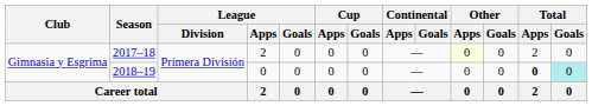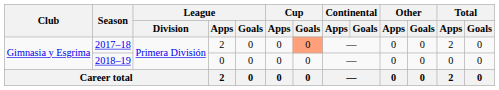 <table class="wikitable" style="text-align:center">
 <tr>
 <th rowspan="2">Club</th>
 <th rowspan="2">Season</th>
 <th colspan="3">League</th>
 <th colspan="2">Cup</th>
 <th colspan="2">Continental</th>
 <th colspan="2">Other</th>
 <th colspan="2">Total</th>
 </tr>
 <tr>
 <th>Division</th>
 <th>Apps</th>
 <th>Goals</th>
 <th>Apps</th>
 <th>Goals</th>
 <th>Apps</th>
 <th>Goals</th>
 <th>Apps</th>
 <th>Goals</th>
 <th>Apps</th>
 <th>Goals</th>
 </tr>
 <tr>
 <td rowspan="2"><a href='#'>Gimnasia y Esgrima</a></td>
 <td><a href='#'>2017–18</a></td>
 <td rowspan="2"><a href='#'>Primera División</a></td>
 <td>2</td>
 <td>0</td>
 <td>0</td>
+<td style="background: lightsalmon;">0</td>
+<td colspan="2">—</td>
 <td>0</td>
-<td colspan="2">—</td>
-<td style="background: lightyellow;">0</td>
 <td>0</td>
 <td>2</td>
 <td>0</td>
 </tr>
 <tr>
 <td><a href='#'>2018–19</a></td>
 <td>0</td>
 <td>0</td>
 <td>0</td>
 <td>0</td>
 <td colspan="2">—</td>
 <td>0</td>
 <td>0</td>
-<td><strong>0</strong></td>
-<td style="background: paleturquoise;">0</td>
+<td>0</td>
+<td>0</td>
 </tr>
 <tr>
 <th colspan="3">Career total</th>
 <th>2</th>
 <th>0</th>
 <th>0</th>
 <th>0</th>
 <th colspan="2">—</th>
 <th>0</th>
 <th>0</th>
 <th>2</th>
 <th>0</th>
 </tr>
 </table>
